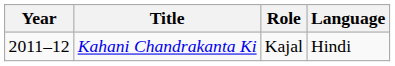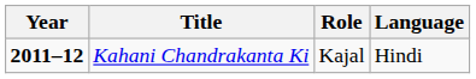 <table class="wikitable sortable">
 <tr>
 <th>Year</th>
 <th>Title</th>
 <th>Role</th>
 <th>Language</th>
 </tr>
 <tr>
-<td>2011–12</td>
+<td><strong>2011–12</strong></td>
 <td><em><a href='#'>Kahani Chandrakanta Ki</a></em></td>
 <td>Kajal</td>
 <td rowspan="7">Hindi</td>
 </tr>
 </table>
